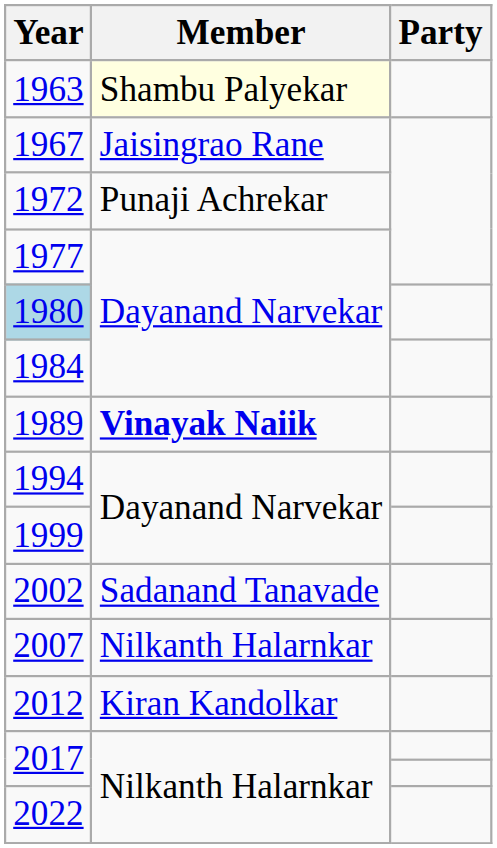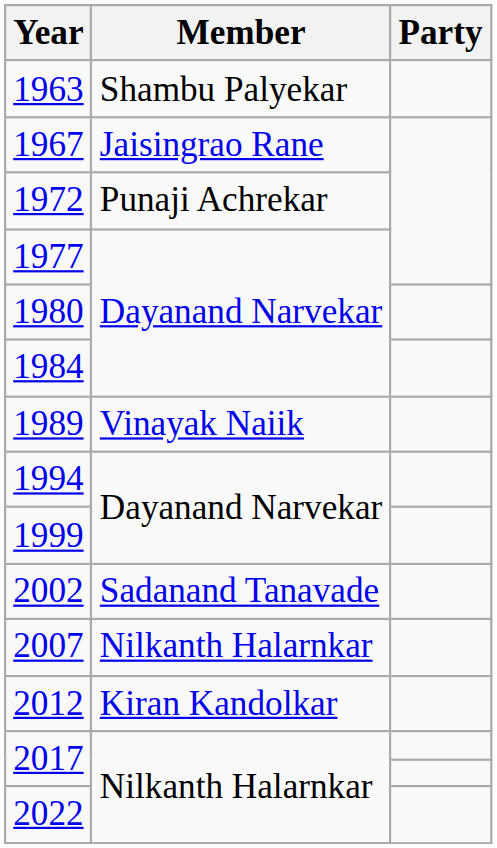 <table class="wikitable sortable">
 <tr>
 <th>Year</th>
 <th>Member</th>
 <th colspan="2">Party</th>
 </tr>
 <tr>
 <td><a href='#'>1963</a></td>
-<td style="background: lightyellow;">Shambu Palyekar</td>
+<td>Shambu Palyekar</td>
 <td></td>
 </tr>
 <tr>
 <td><a href='#'>1967</a></td>
 <td><a href='#'>Jaisingrao Rane</a></td>
 </tr>
 <tr>
 <td><a href='#'>1972</a></td>
 <td>Punaji Achrekar</td>
 </tr>
 <tr>
 <td><a href='#'>1977</a></td>
 <td rowspan=3><a href='#'>Dayanand Narvekar</a></td>
 </tr>
 <tr>
-<td style="background: lightblue;"><a href='#'>1980</a></td>
+<td><a href='#'>1980</a></td>
 <td></td>
 </tr>
 <tr>
 <td><a href='#'>1984</a></td>
 <td></td>
 </tr>
 <tr>
 <td><a href='#'>1989</a></td>
-<td><strong><a href='#'>Vinayak Naiik</a></strong></td>
+<td><a href='#'>Vinayak Naiik</a></td>
 <td></td>
 </tr>
 <tr>
 <td><a href='#'>1994</a></td>
 <td rowspan=2>Dayanand Narvekar</td>
 <td></td>
 </tr>
 <tr>
 <td><a href='#'>1999</a></td>
 </tr>
 <tr>
 <td><a href='#'>2002</a></td>
 <td><a href='#'>Sadanand Tanavade</a></td>
 <td></td>
 </tr>
 <tr>
 <td><a href='#'>2007</a></td>
 <td><a href='#'>Nilkanth Halarnkar</a></td>
 <td></td>
 </tr>
 <tr>
 <td><a href='#'>2012</a></td>
 <td><a href='#'>Kiran Kandolkar</a></td>
 <td></td>
 </tr>
 <tr>
 <td rowspan=2><a href='#'>2017</a></td>
 <td rowspan=3>Nilkanth Halarnkar</td>
 <td></td>
 </tr>
 <tr>
 <td></td>
 </tr>
 <tr>
 <td><a href='#'>2022</a></td>
 </tr>
 <tr>
 </tr>
 </table>
